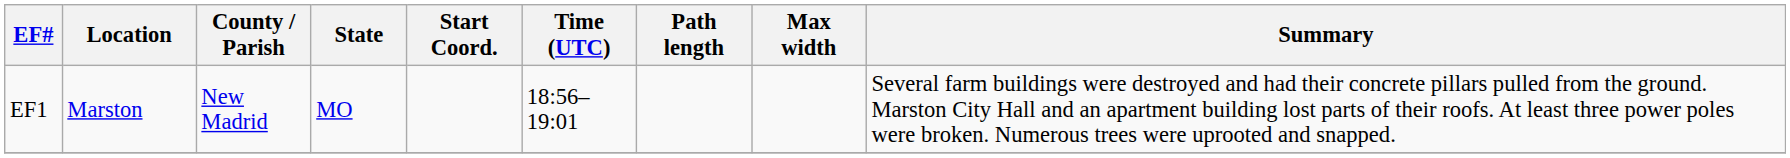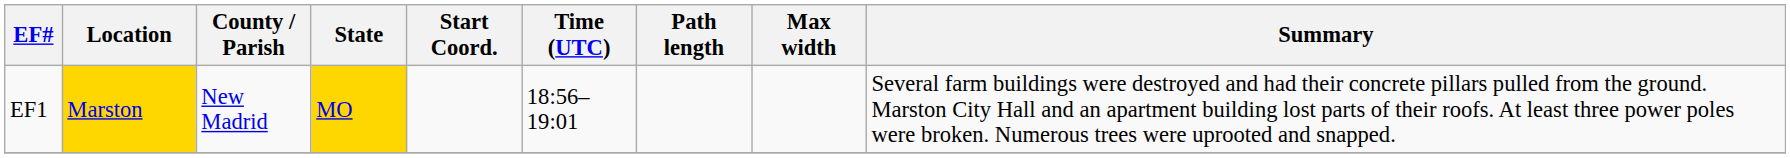 <table class="wikitable sortable" style="width:100%;">
 <tr>
 <th scope="col"  style="width:3%; text-align:center;"><a href='#'>EF#</a></th>
 <th scope="col"  style="width:7%; text-align:center;" class="unsortable">Location</th>
 <th scope="col"  style="width:6%; text-align:center;" class="unsortable">County / Parish</th>
 <th scope="col"  style="width:5%; text-align:center;">State</th>
 <th scope="col"  style="width:6%; text-align:center;">Start Coord.</th>
 <th scope="col"  style="width:6%; text-align:center;">Time (<a href='#'>UTC</a>)</th>
 <th scope="col"  style="width:6%; text-align:center;">Path length</th>
 <th scope="col"  style="width:6%; text-align:center;">Max width</th>
 <th scope="col" class="unsortable" style="width:48%; text-align:center;">Summary</th>
 </tr>
 <tr>
 <td>EF1</td>
-<td><a href='#'>Marston</a></td>
+<td style="background: gold;"><a href='#'>Marston</a></td>
 <td><a href='#'>New Madrid</a></td>
-<td><a href='#'>MO</a></td>
+<td style="background: gold;"><a href='#'>MO</a></td>
 <td></td>
 <td>18:56–19:01</td>
 <td></td>
 <td></td>
 <td>Several farm buildings were destroyed and had their concrete pillars pulled from the ground. Marston City Hall and an apartment building lost parts of their roofs. At least three power poles were broken. Numerous trees were uprooted and snapped.</td>
 </tr>
 <tr>
 </tr>
 </table>
